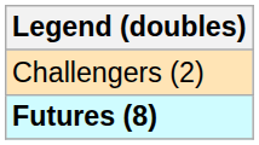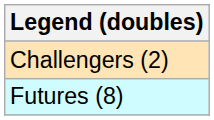 <table class="wikitable">
 <tr>
 <th>Legend (doubles)</th>
 </tr>
 <tr bgcolor="moccasin">
 <td>Challengers (2)</td>
 </tr>
 <tr style="background:#cffcff;">
-<td><strong>Futures (8)</strong></td>
+<td>Futures (8)</td>
 </tr>
 </table>
